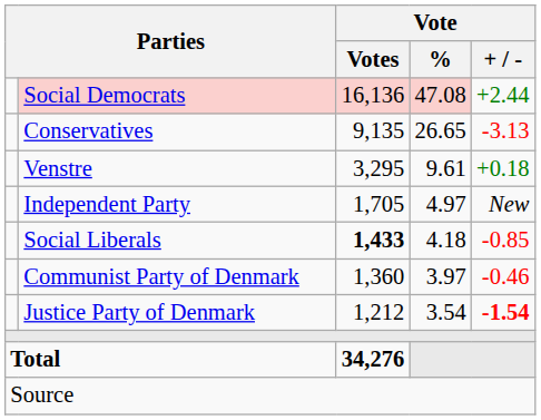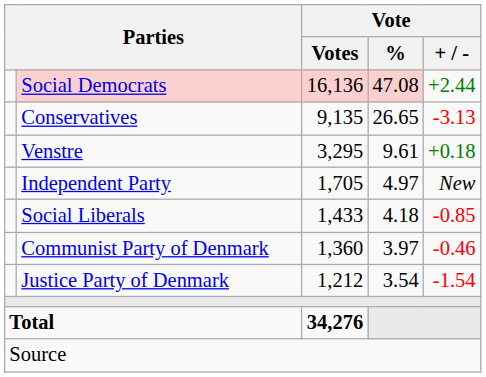 <table class="wikitable" style="text-align:right;">
 <tr>
 <th style="text-align:centre;" rowspan="2" colspan="2" width="225">Parties</th>
 <th colspan="3">Vote</th>
 </tr>
 <tr>
 <th width="15">Votes</th>
 <th width="15">%</th>
 <th width="15">+ / -</th>
 </tr>
 <tr>
 <td width="2" style="color:inherit;background:"></td>
 <td bgcolor=#fbd0ce  align="left"><a href='#'>Social Democrats</a></td>
 <td bgcolor=#fbd0ce>16,136</td>
 <td bgcolor=#fbd0ce>47.08</td>
 <td style=color:green;>+2.44</td>
 </tr>
 <tr>
 <td width="2" style="color:inherit;background:"></td>
 <td align="left"><a href='#'>Conservatives</a></td>
 <td>9,135</td>
 <td>26.65</td>
 <td style=color:red;>-3.13</td>
 </tr>
 <tr>
 <td width="2" style="color:inherit;background:"></td>
 <td align="left"><a href='#'>Venstre</a></td>
 <td>3,295</td>
 <td>9.61</td>
 <td style=color:green;>+0.18</td>
 </tr>
 <tr>
 <td width="2" style="color:inherit;background:"></td>
 <td align="left"><a href='#'>Independent Party</a></td>
 <td>1,705</td>
 <td>4.97</td>
 <td><em>New</em></td>
 </tr>
 <tr>
 <td width="2" style="color:inherit;background:"></td>
 <td align="left"><a href='#'>Social Liberals</a></td>
-<td><strong>1,433</strong></td>
+<td>1,433</td>
 <td>4.18</td>
 <td style=color:red;>-0.85</td>
 </tr>
 <tr>
 <td width="2" style="color:inherit;background:"></td>
 <td align="left"><a href='#'>Communist Party of Denmark</a></td>
 <td>1,360</td>
 <td>3.97</td>
 <td style=color:red;>-0.46</td>
 </tr>
 <tr>
 <td width="2" style="color:inherit;background:"></td>
 <td align="left"><a href='#'>Justice Party of Denmark</a></td>
 <td>1,212</td>
 <td>3.54</td>
-<td style=color:red;><strong>-1.54</strong></td>
+<td style=color:red;>-1.54</td>
 </tr>
 <tr>
 <td colspan="7" bgcolor="#E9E9E9"></td>
 </tr>
 <tr>
 <td align="left" colspan="2"><strong>Total</strong></td>
 <td><strong>34,276</strong></td>
 <td bgcolor="#E9E9E9" colspan="2"></td>
 </tr>
 <tr>
 <td align="left" colspan="6">Source</td>
 </tr>
 </table>
